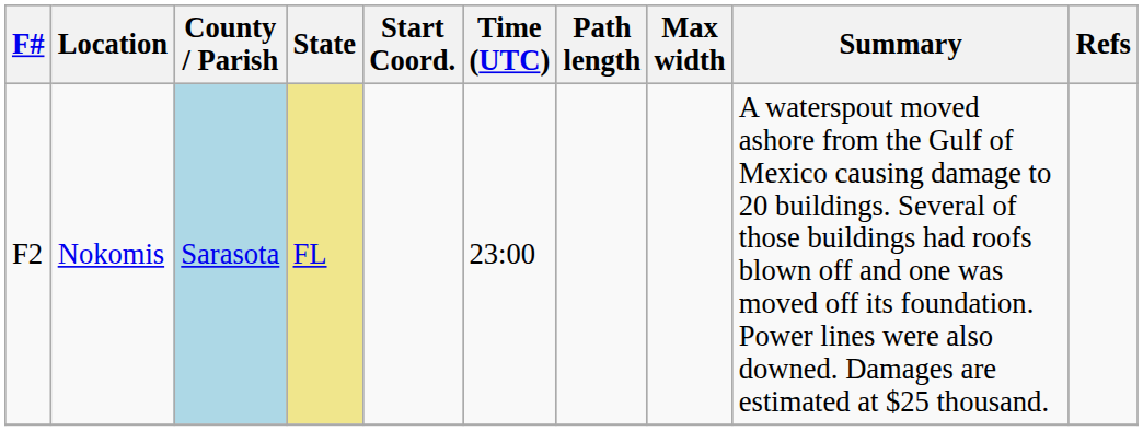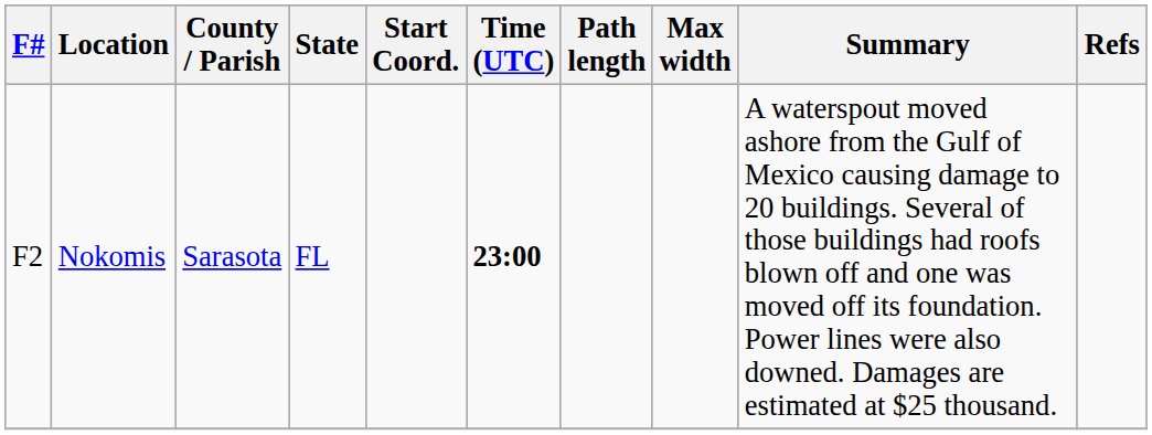 <table class="wikitable sortable" style="width:100%;">
 <tr>
 <th scope="col"  style="width:3%; text-align:center;"><a href='#'>F#</a></th>
 <th scope="col"  style="width:7%; text-align:center;" class="unsortable">Location</th>
 <th scope="col"  style="width:6%; text-align:center;" class="unsortable">County / Parish</th>
 <th scope="col"  style="width:5%; text-align:center;">State</th>
 <th scope="col"  style="width:6%; text-align:center;">Start Coord.</th>
 <th scope="col"  style="width:6%; text-align:center;">Time (<a href='#'>UTC</a>)</th>
 <th scope="col"  style="width:6%; text-align:center;">Path length</th>
 <th scope="col"  style="width:6%; text-align:center;">Max width</th>
 <th scope="col" class="unsortable" style="width:48%; text-align:center;">Summary</th>
 <th scope="col" class="unsortable" style="width:3%; text-align:center;">Refs</th>
 </tr>
 <tr>
 <td bgcolor=>F2</td>
 <td><a href='#'>Nokomis</a></td>
-<td style="background: lightblue;"><a href='#'>Sarasota</a></td>
-<td style="background: khaki;"><a href='#'>FL</a></td>
+<td><a href='#'>Sarasota</a></td>
+<td><a href='#'>FL</a></td>
 <td></td>
-<td>23:00</td>
+<td><strong>23:00</strong></td>
 <td></td>
 <td></td>
 <td>A waterspout moved ashore from the Gulf of Mexico causing damage to 20 buildings. Several of those buildings had roofs blown off and one was moved off its foundation. Power lines were also downed. Damages are estimated at $25 thousand.</td>
 <td></td>
 </tr>
 <tr>
 </tr>
 </table>
